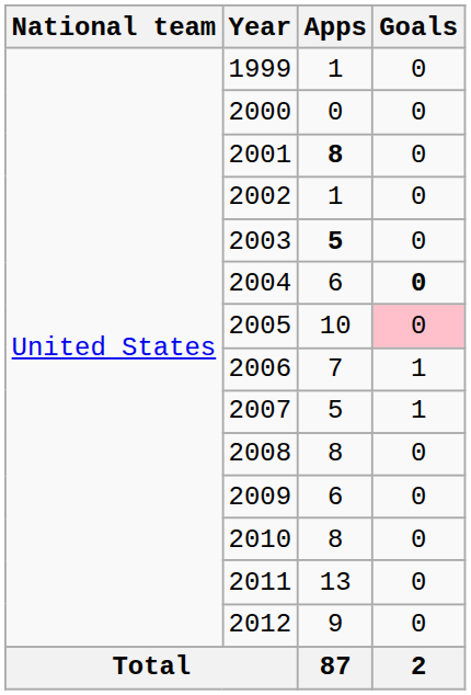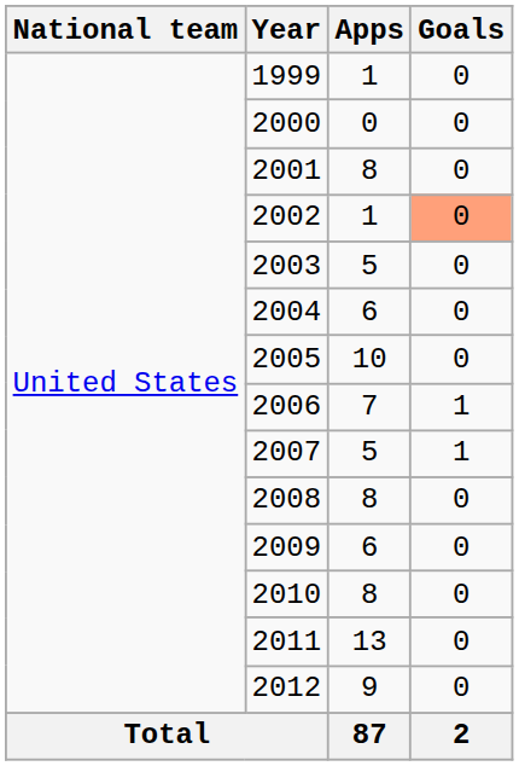 <table class="wikitable" style="text-align: center;">
 <tr>
 <th>National team</th>
 <th>Year</th>
 <th>Apps</th>
 <th>Goals</th>
 </tr>
 <tr>
 <td rowspan="14"><a href='#'>United States</a></td>
 <td>1999</td>
 <td>1</td>
 <td>0</td>
 </tr>
 <tr>
 <td>2000</td>
 <td>0</td>
 <td>0</td>
 </tr>
 <tr>
 <td>2001</td>
-<td><strong>8</strong></td>
+<td>8</td>
 <td>0</td>
 </tr>
 <tr>
 <td>2002</td>
 <td>1</td>
-<td>0</td>
+<td style="background: lightsalmon;">0</td>
 </tr>
 <tr>
 <td>2003</td>
-<td><strong>5</strong></td>
+<td>5</td>
 <td>0</td>
 </tr>
 <tr>
 <td>2004</td>
 <td>6</td>
-<td><strong>0</strong></td>
+<td>0</td>
 </tr>
 <tr>
 <td>2005</td>
 <td>10</td>
-<td style="background: pink;">0</td>
+<td>0</td>
 </tr>
 <tr>
 <td>2006</td>
 <td>7</td>
 <td>1</td>
 </tr>
 <tr>
 <td>2007</td>
 <td>5</td>
 <td>1</td>
 </tr>
 <tr>
 <td>2008</td>
 <td>8</td>
 <td>0</td>
 </tr>
 <tr>
 <td>2009</td>
 <td>6</td>
 <td>0</td>
 </tr>
 <tr>
 <td>2010</td>
 <td>8</td>
 <td>0</td>
 </tr>
 <tr>
 <td>2011</td>
 <td>13</td>
 <td>0</td>
 </tr>
 <tr>
 <td>2012</td>
 <td>9</td>
 <td>0</td>
 </tr>
 <tr>
 <th colspan="2">Total</th>
 <th>87</th>
 <th>2</th>
 </tr>
 </table>
